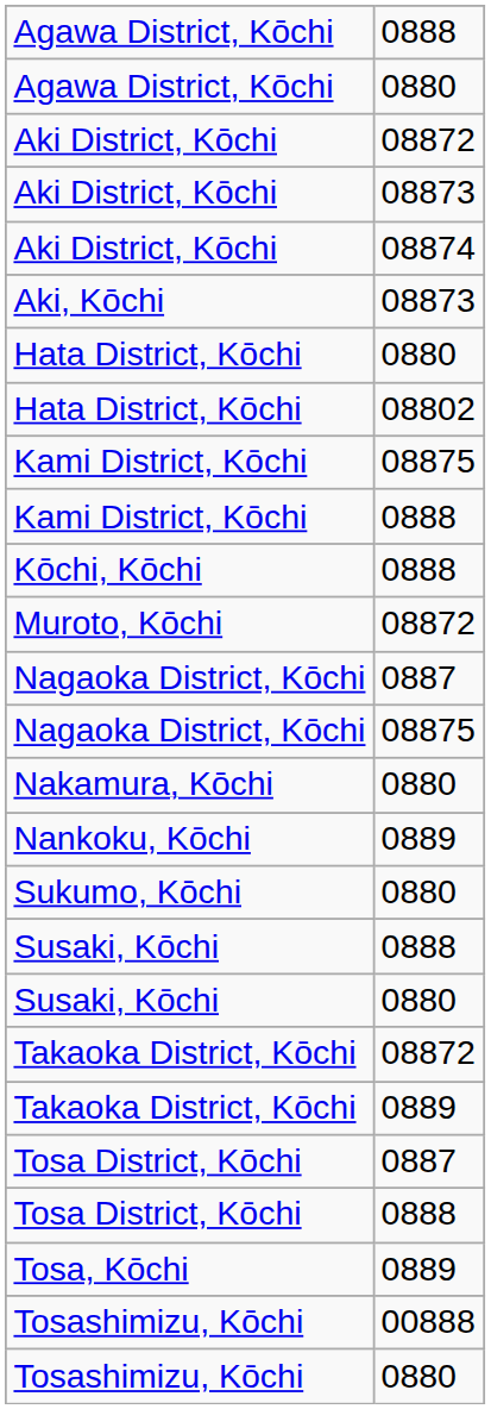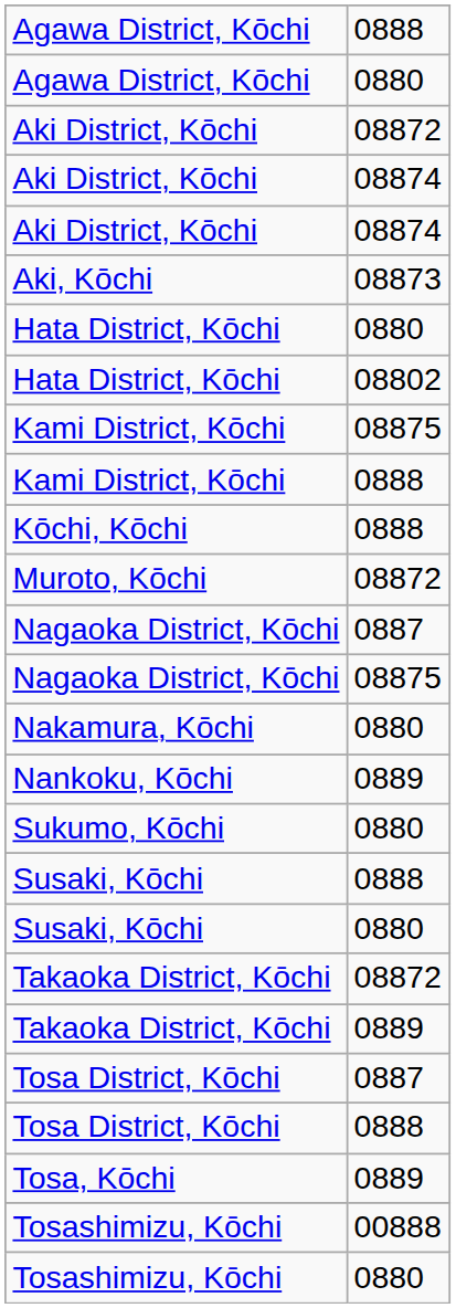 <table class="wikitable">
 <tr>
 <td><a href='#'>Agawa District, Kōchi</a></td>
 <td>0888</td>
 </tr>
 <tr>
 <td><a href='#'>Agawa District, Kōchi</a></td>
 <td>0880</td>
 </tr>
 <tr>
 <td><a href='#'>Aki District, Kōchi</a></td>
 <td>08872</td>
 </tr>
 <tr>
 <td><a href='#'>Aki District, Kōchi</a></td>
-<td>08873</td>
+<td>08874</td>
 </tr>
 <tr>
 <td><a href='#'>Aki District, Kōchi</a></td>
 <td>08874</td>
 </tr>
 <tr>
 <td><a href='#'>Aki, Kōchi</a></td>
 <td>08873</td>
 </tr>
 <tr>
 <td><a href='#'>Hata District, Kōchi</a></td>
 <td>0880</td>
 </tr>
 <tr>
 <td><a href='#'>Hata District, Kōchi</a></td>
 <td>08802</td>
 </tr>
 <tr>
 <td><a href='#'>Kami District, Kōchi</a></td>
 <td>08875</td>
 </tr>
 <tr>
 <td><a href='#'>Kami District, Kōchi</a></td>
 <td>0888</td>
 </tr>
 <tr>
 <td><a href='#'>Kōchi, Kōchi</a></td>
 <td>0888</td>
 </tr>
 <tr>
 <td><a href='#'>Muroto, Kōchi</a></td>
 <td>08872</td>
 </tr>
 <tr>
 <td><a href='#'>Nagaoka District, Kōchi</a></td>
 <td>0887</td>
 </tr>
 <tr>
 <td><a href='#'>Nagaoka District, Kōchi</a></td>
 <td>08875</td>
 </tr>
 <tr>
 <td><a href='#'>Nakamura, Kōchi</a></td>
 <td>0880</td>
 </tr>
 <tr>
 <td><a href='#'>Nankoku, Kōchi</a></td>
 <td>0889</td>
 </tr>
 <tr>
 <td><a href='#'>Sukumo, Kōchi</a></td>
 <td>0880</td>
 </tr>
 <tr>
 <td><a href='#'>Susaki, Kōchi</a></td>
 <td>0888</td>
 </tr>
 <tr>
 <td><a href='#'>Susaki, Kōchi</a></td>
 <td>0880</td>
 </tr>
 <tr>
 <td><a href='#'>Takaoka District, Kōchi</a></td>
 <td>08872</td>
 </tr>
 <tr>
 <td><a href='#'>Takaoka District, Kōchi</a></td>
 <td>0889</td>
 </tr>
 <tr>
 <td><a href='#'>Tosa District, Kōchi</a></td>
 <td>0887</td>
 </tr>
 <tr>
 <td><a href='#'>Tosa District, Kōchi</a></td>
 <td>0888</td>
 </tr>
 <tr>
 <td><a href='#'>Tosa, Kōchi</a></td>
 <td>0889</td>
 </tr>
 <tr>
 <td><a href='#'>Tosashimizu, Kōchi</a></td>
 <td>00888</td>
 </tr>
 <tr>
 <td><a href='#'>Tosashimizu, Kōchi</a></td>
 <td>0880</td>
 </tr>
 </table>
